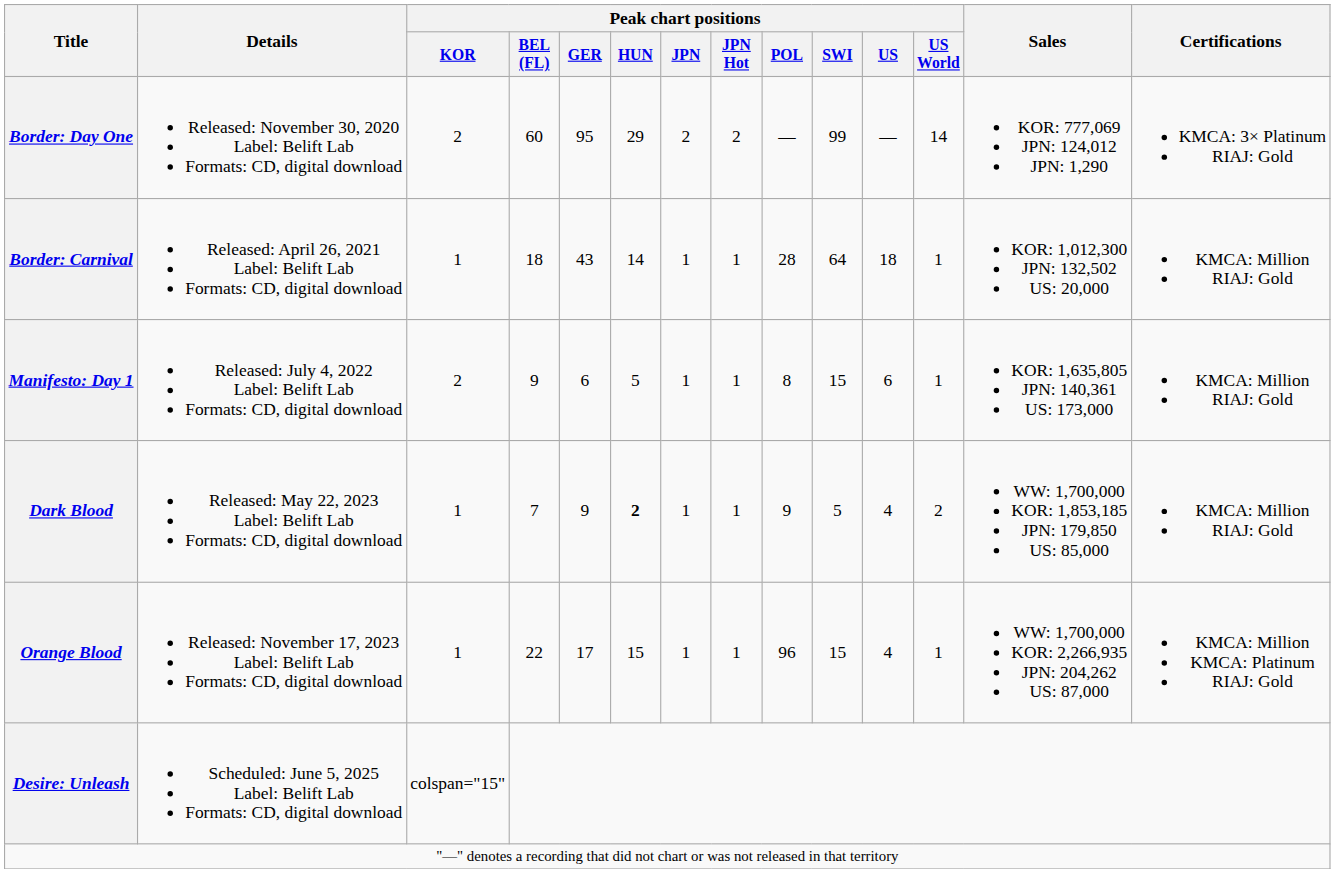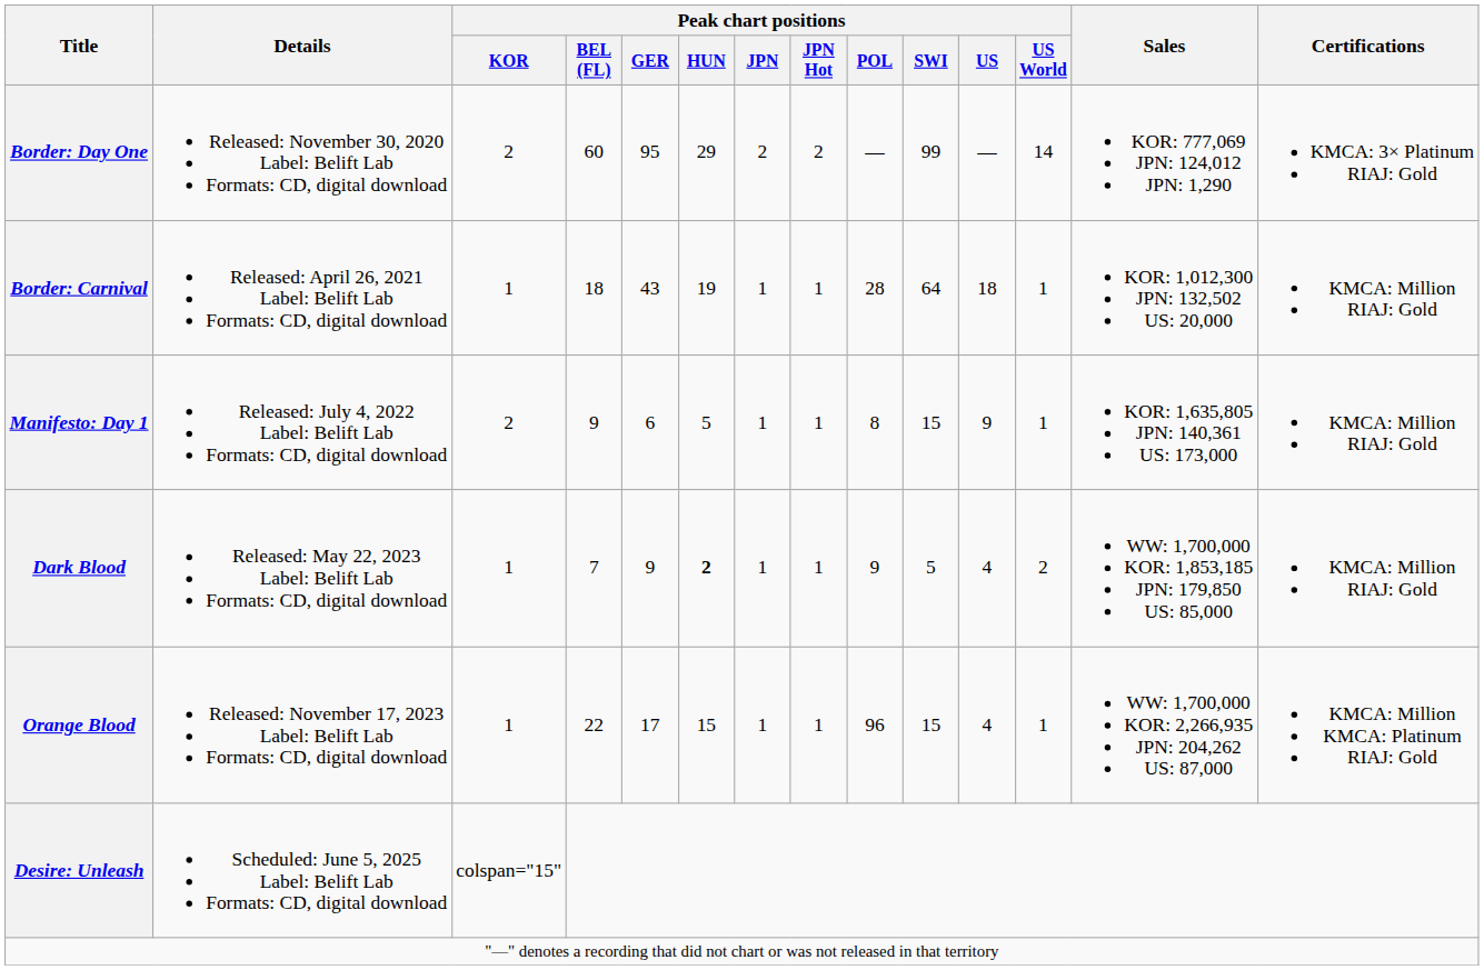 <table class="wikitable plainrowheaders" style="text-align:center;">
 <tr>
 <th scope="col" rowspan="2">Title</th>
 <th scope="col" rowspan="2">Details</th>
 <th scope="col" colspan="10">Peak chart positions</th>
 <th scope="col" rowspan="2">Sales</th>
 <th scope="col" rowspan="2">Certifications</th>
 </tr>
 <tr>
 <th scope="col" style="width:2.75em;font-size:90%;"><a href='#'>KOR</a><br></th>
 <th scope="col" style="width:2.75em;font-size:90%;"><a href='#'>BEL<br>(FL)</a><br></th>
 <th scope="col" style="width:2.75em;font-size:90%;"><a href='#'>GER</a><br></th>
 <th scope="col" style="width:2.75em;font-size:90%;"><a href='#'>HUN</a><br></th>
 <th scope="col" style="width:2.75em;font-size:90%;"><a href='#'>JPN</a><br></th>
 <th scope="col" style="width:2.75em;font-size:90%;"><a href='#'>JPN Hot</a><br></th>
 <th scope="col" style="width:2.75em;font-size:90%;"><a href='#'>POL</a><br></th>
 <th scope="col" style="width:2.75em;font-size:90%;"><a href='#'>SWI</a><br></th>
 <th scope="col" style="width:2.75em;font-size:90%;"><a href='#'>US</a><br></th>
 <th scope="col" style="width:2.75em;font-size:90%;"><a href='#'>US<br>World</a><br></th>
 </tr>
 <tr>
 <th scope="row"><em><a href='#'>Border: Day One</a></em></th>
 <td><br><ul><li>Released: November 30, 2020</li><li>Label: Belift Lab</li><li>Formats: CD, digital download</li></ul></td>
 <td>2</td>
 <td>60</td>
 <td>95</td>
 <td>29</td>
 <td>2</td>
 <td>2</td>
 <td>—</td>
 <td>99</td>
 <td>—</td>
 <td>14</td>
 <td><br><ul><li>KOR: 777,069</li><li>JPN: 124,012 </li><li>JPN: 1,290 </li></ul></td>
 <td><br><ul><li>KMCA: 3× Platinum</li><li>RIAJ: Gold </li></ul></td>
 </tr>
 <tr>
 <th scope="row"><em><a href='#'>Border: Carnival</a></em></th>
 <td><br><ul><li>Released: April 26, 2021</li><li>Label: Belift Lab</li><li>Formats: CD, digital download</li></ul></td>
 <td>1</td>
 <td>18</td>
 <td>43</td>
-<td>14</td>
+<td>19</td>
 <td>1</td>
 <td>1</td>
 <td>28</td>
 <td>64</td>
 <td>18</td>
 <td>1</td>
 <td><br><ul><li>KOR: 1,012,300</li><li>JPN: 132,502 </li><li>US: 20,000</li></ul></td>
 <td><br><ul><li>KMCA: Million</li><li>RIAJ: Gold </li></ul></td>
 </tr>
 <tr>
 <th scope="row"><em><a href='#'>Manifesto: Day 1</a></em></th>
 <td><br><ul><li>Released: July 4, 2022</li><li>Label: Belift Lab</li><li>Formats: CD, digital download</li></ul></td>
 <td>2</td>
 <td>9</td>
 <td>6</td>
 <td>5</td>
 <td>1</td>
 <td>1</td>
 <td>8</td>
 <td>15</td>
-<td>6</td>
+<td>9</td>
 <td>1</td>
 <td><br><ul><li>KOR: 1,635,805</li><li>JPN: 140,361 </li><li>US: 173,000</li></ul></td>
 <td><br><ul><li>KMCA: Million</li><li>RIAJ: Gold </li></ul></td>
 </tr>
 <tr>
 <th scope="row"><em><a href='#'>Dark Blood</a></em></th>
 <td><br><ul><li>Released: May 22, 2023</li><li>Label: Belift Lab</li><li>Formats: CD, digital download</li></ul></td>
 <td>1</td>
 <td>7</td>
 <td>9</td>
 <td><strong>2</strong></td>
 <td>1</td>
 <td>1</td>
 <td>9</td>
 <td>5</td>
 <td>4</td>
 <td>2</td>
 <td><br><ul><li>WW: 1,700,000</li><li>KOR: 1,853,185</li><li>JPN: 179,850 </li><li>US: 85,000</li></ul></td>
 <td><br><ul><li>KMCA: Million</li><li>RIAJ: Gold </li></ul></td>
 </tr>
 <tr>
 <th scope="row"><em><a href='#'>Orange Blood</a></em></th>
 <td><br><ul><li>Released: November 17, 2023</li><li>Label: Belift Lab</li><li>Formats: CD, digital download</li></ul></td>
 <td>1</td>
 <td>22</td>
 <td>17</td>
 <td>15</td>
 <td>1</td>
 <td>1</td>
 <td>96</td>
 <td>15</td>
 <td>4</td>
 <td>1</td>
 <td><br><ul><li>WW: 1,700,000</li><li>KOR: 2,266,935</li><li>JPN: 204,262 </li><li>US: 87,000</li></ul></td>
 <td><br><ul><li>KMCA: Million</li><li>KMCA: Platinum </li><li>RIAJ: Gold </li></ul></td>
 </tr>
 <tr>
 <th scope="row"><em><a href='#'>Desire: Unleash</a></em></th>
 <td><br><ul><li>Scheduled: June 5, 2025</li><li>Label: Belift Lab</li><li>Formats: CD, digital download</li></ul></td>
 <td>colspan="15" </td>
 </tr>
 <tr>
 <td colspan="14" style="font-size:85%">"—" denotes a recording that did not chart or was not released in that territory</td>
 </tr>
 </table>
